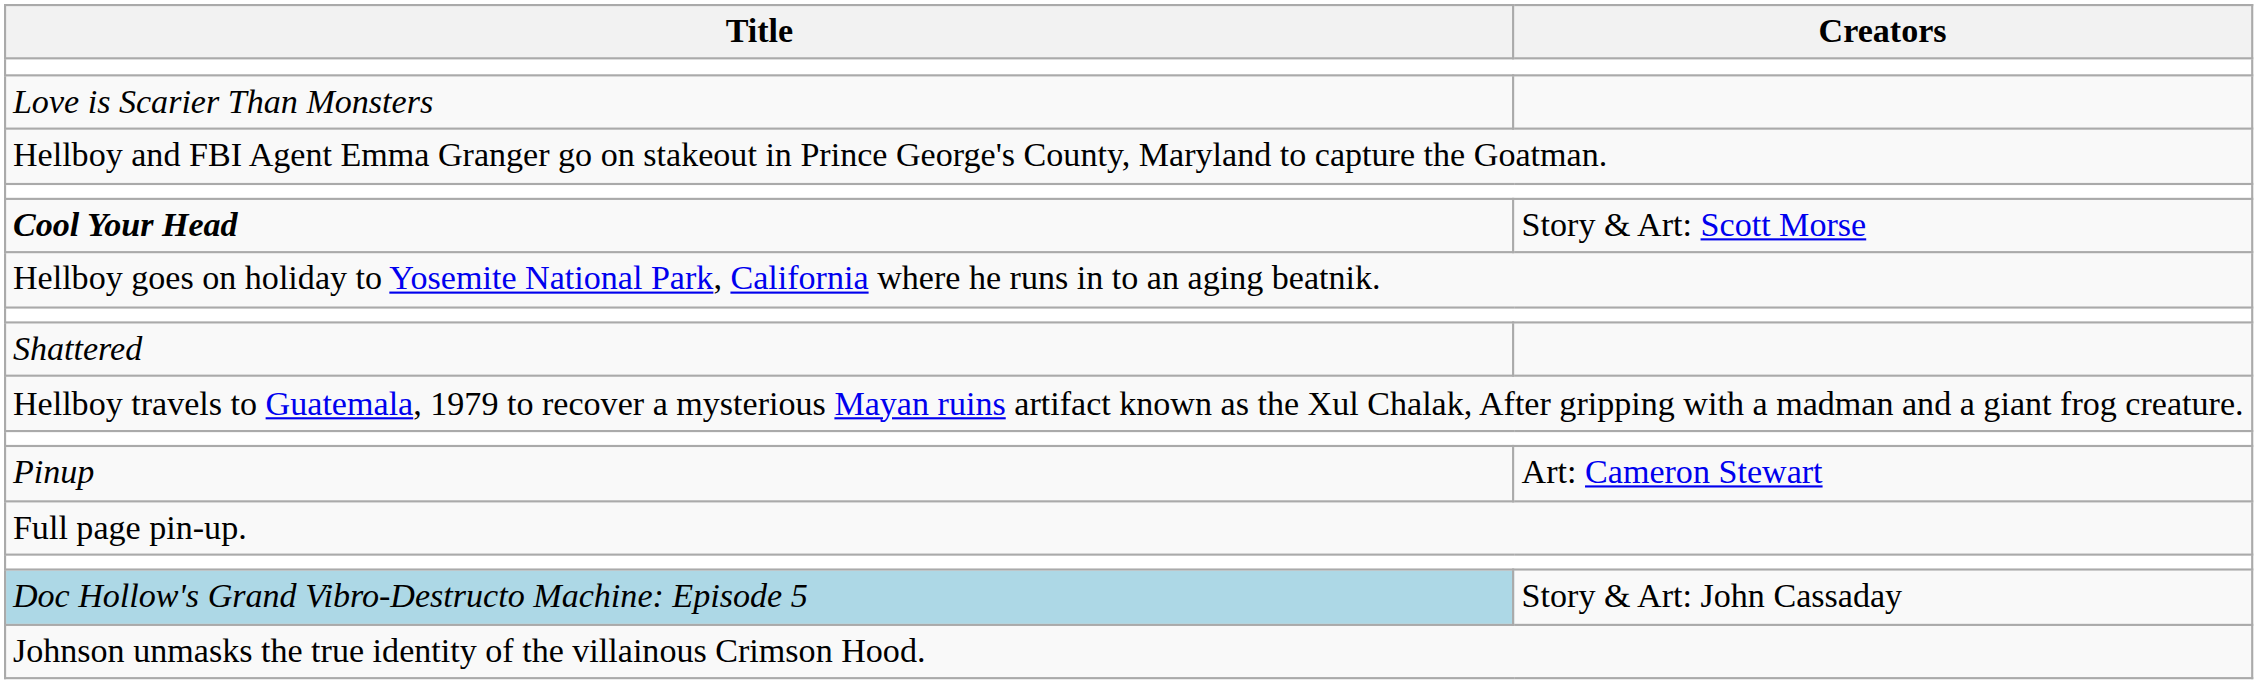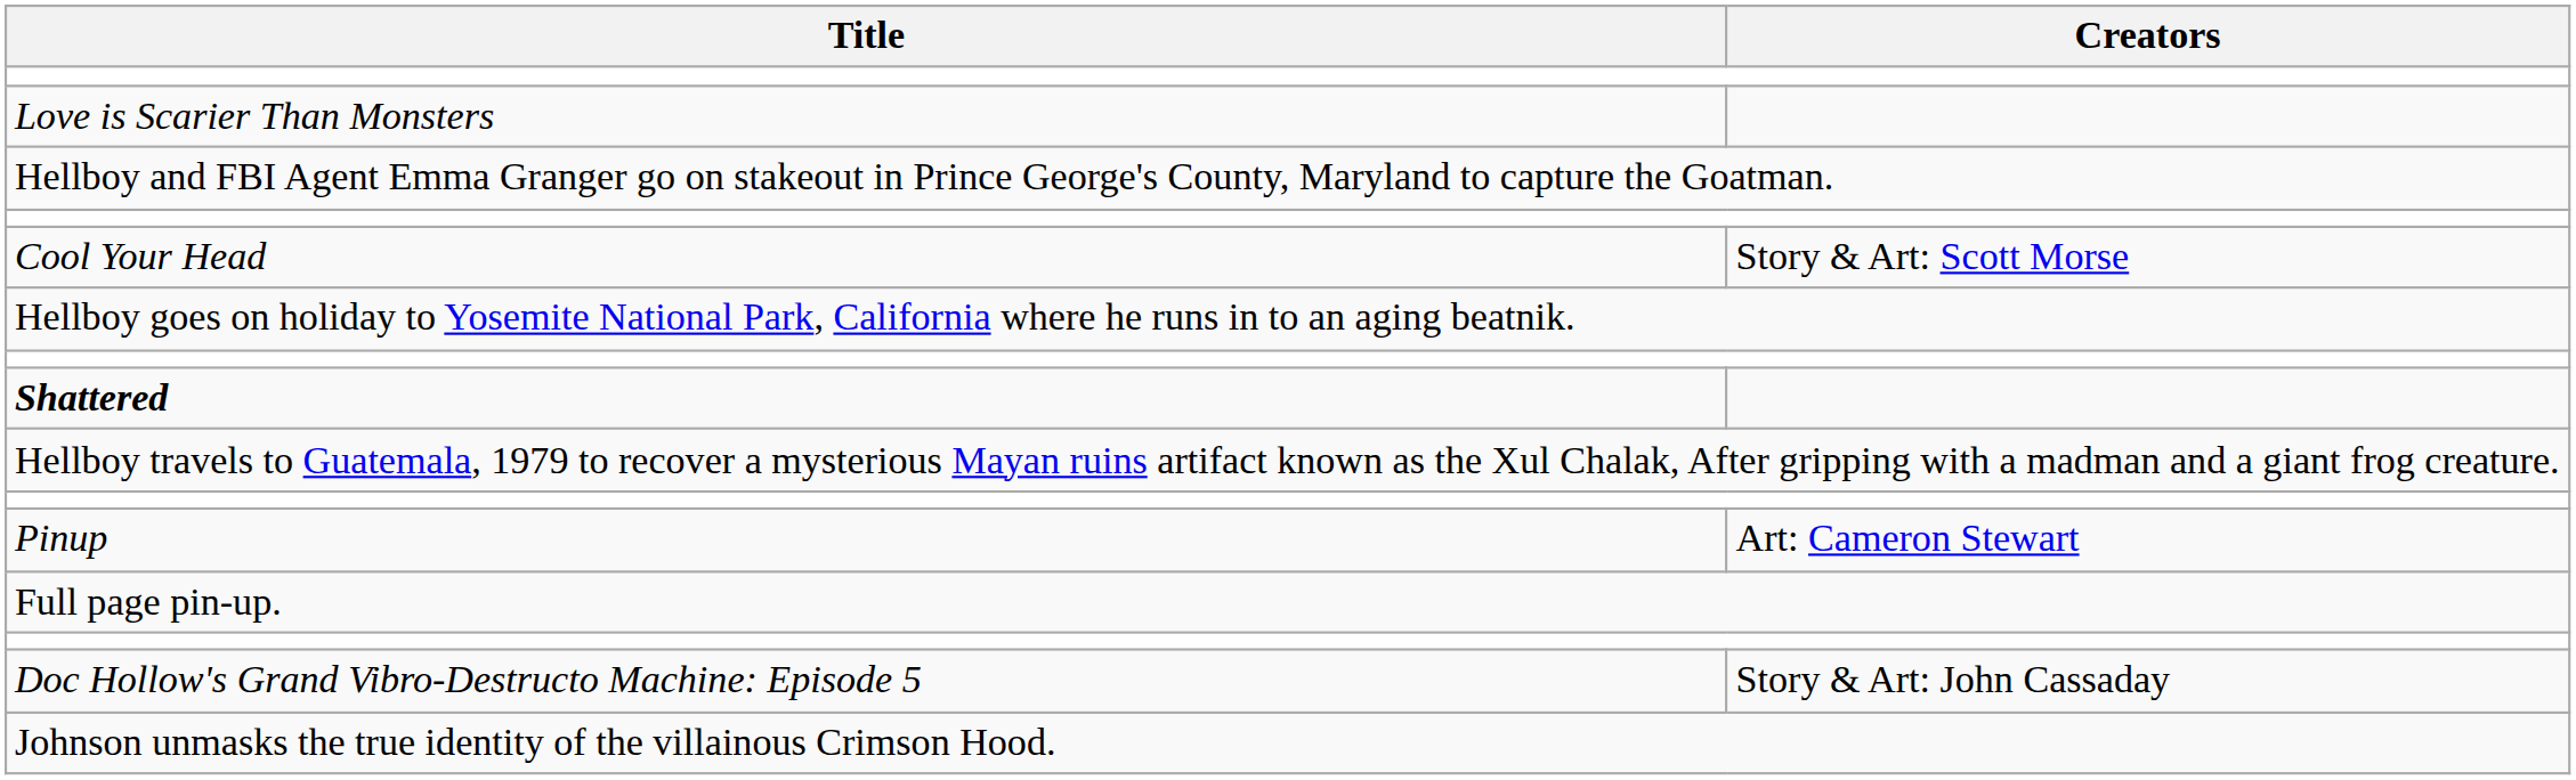 <table class="wikitable">
 <tr>
 <th>Title</th>
 <th>Creators</th>
 </tr>
 <tr>
 <td colspan="6" bgcolor="#FFFFFF"></td>
 </tr>
 <tr>
 <td><em>Love is Scarier Than Monsters</em></td>
 <td></td>
 </tr>
 <tr>
 <td colspan="6">Hellboy and FBI Agent Emma Granger go on stakeout in Prince George's County, Maryland to capture the Goatman.</td>
 </tr>
 <tr>
 <td colspan="6" bgcolor="#FFFFFF"></td>
 </tr>
 <tr>
-<td><strong><em>Cool Your Head</em></strong></td>
+<td><em>Cool Your Head</em></td>
 <td>Story & Art: <a href='#'>Scott Morse</a></td>
 </tr>
 <tr>
 <td colspan="6">Hellboy goes on holiday to <a href='#'>Yosemite National Park</a>, <a href='#'>California</a> where he runs in to an aging beatnik.</td>
 </tr>
 <tr>
 <td colspan="6" bgcolor="#FFFFFF"></td>
 </tr>
 <tr>
-<td><em>Shattered</em></td>
+<td><strong><em>Shattered</em></strong></td>
 <td></td>
 </tr>
 <tr>
 <td colspan="6">Hellboy travels to <a href='#'>Guatemala</a>, 1979 to recover a mysterious <a href='#'>Mayan ruins</a> artifact known as the Xul Chalak, After gripping with a madman and a giant frog creature.</td>
 </tr>
 <tr>
 <td colspan="6" bgcolor="#FFFFFF"></td>
 </tr>
 <tr>
 <td><em>Pinup</em></td>
 <td>Art: <a href='#'>Cameron Stewart</a></td>
 </tr>
 <tr>
 <td colspan="6">Full page pin-up.</td>
 </tr>
 <tr>
 <td colspan="6" bgcolor="#FFFFFF"></td>
 </tr>
 <tr>
-<td style="background: lightblue;"><em>Doc Hollow's Grand Vibro-Destructo Machine: Episode 5</em></td>
+<td><em>Doc Hollow's Grand Vibro-Destructo Machine: Episode 5</em></td>
 <td>Story & Art: John Cassaday</td>
 </tr>
 <tr>
 <td colspan="6">Johnson unmasks the true identity of the villainous Crimson Hood.</td>
 </tr>
 </table>
